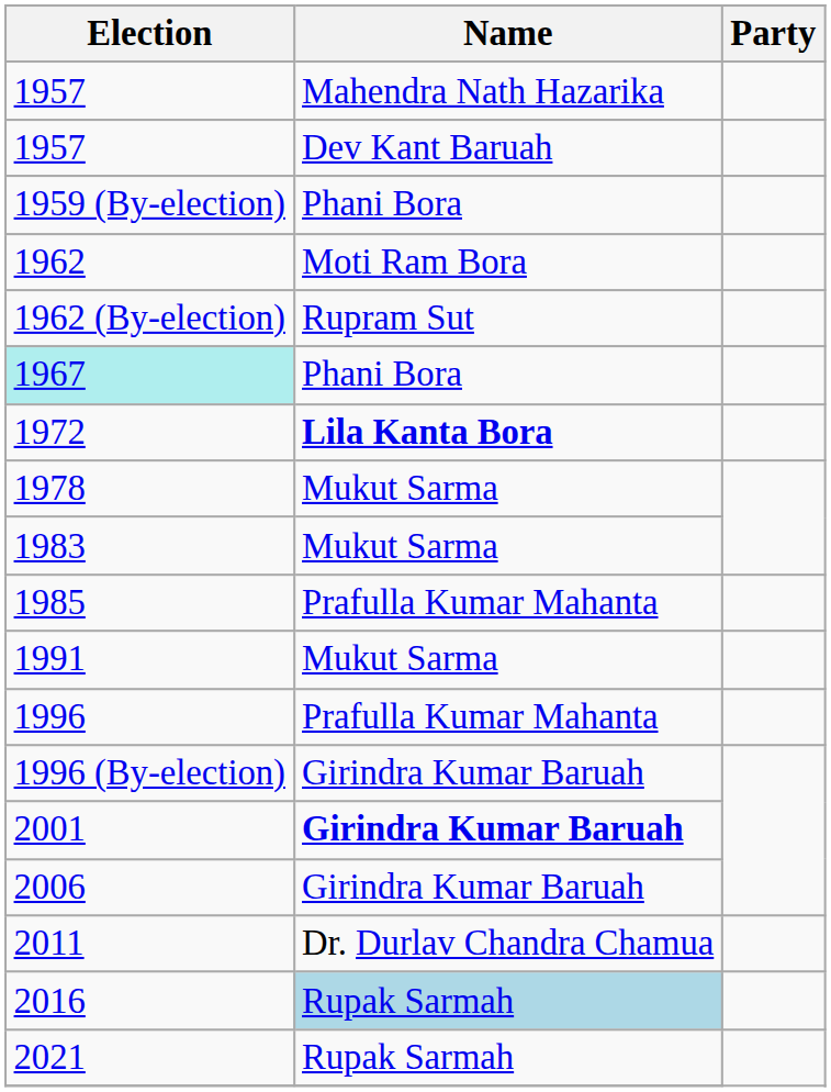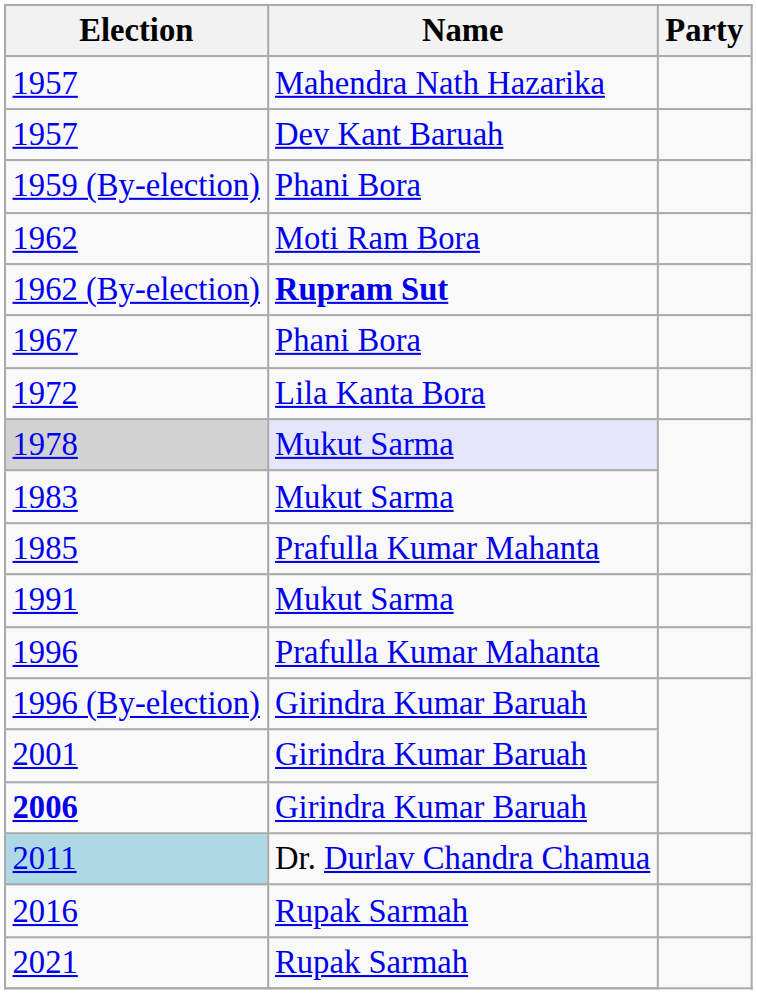 <table class="wikitable sortable">
 <tr>
 <th>Election</th>
 <th>Name</th>
 <th colspan=2>Party</th>
 </tr>
 <tr>
 <td><a href='#'>1957</a></td>
 <td><a href='#'>Mahendra Nath Hazarika</a></td>
 <td></td>
 </tr>
 <tr>
 <td><a href='#'>1957</a></td>
 <td><a href='#'>Dev Kant Baruah</a></td>
 </tr>
 <tr>
 <td><a href='#'>1959 (By-election)</a></td>
 <td><a href='#'>Phani Bora</a></td>
 <td></td>
 </tr>
 <tr>
 <td><a href='#'>1962</a></td>
 <td><a href='#'>Moti Ram Bora</a></td>
 <td></td>
 </tr>
 <tr>
 <td><a href='#'>1962 (By-election)</a></td>
-<td><a href='#'>Rupram Sut</a></td>
+<td><strong><a href='#'>Rupram Sut</a></strong></td>
 </tr>
 <tr>
-<td style="background: paleturquoise;"><a href='#'>1967</a></td>
+<td><a href='#'>1967</a></td>
 <td><a href='#'>Phani Bora</a></td>
 <td></td>
 </tr>
 <tr>
 <td><a href='#'>1972</a></td>
-<td><strong><a href='#'>Lila Kanta Bora</a></strong></td>
+<td><a href='#'>Lila Kanta Bora</a></td>
 <td></td>
 </tr>
 <tr>
-<td><a href='#'>1978</a></td>
-<td><a href='#'>Mukut Sarma</a></td>
+<td style="background: lightgrey;"><a href='#'>1978</a></td>
+<td style="background: lavender;"><a href='#'>Mukut Sarma</a></td>
 </tr>
 <tr>
 <td><a href='#'>1983</a></td>
 <td><a href='#'>Mukut Sarma</a></td>
 </tr>
 <tr>
 <td><a href='#'>1985</a></td>
 <td><a href='#'>Prafulla Kumar Mahanta</a></td>
 <td></td>
 </tr>
 <tr>
 <td><a href='#'>1991</a></td>
 <td><a href='#'>Mukut Sarma</a></td>
 <td></td>
 </tr>
 <tr>
 <td><a href='#'>1996</a></td>
 <td><a href='#'>Prafulla Kumar Mahanta</a></td>
 <td></td>
 </tr>
 <tr>
 <td><a href='#'>1996 (By-election)</a></td>
 <td><a href='#'>Girindra Kumar Baruah</a></td>
 </tr>
 <tr>
 <td><a href='#'>2001</a></td>
-<td><strong><a href='#'>Girindra Kumar Baruah</a></strong></td>
-</tr>
-<tr>
-<td><a href='#'>2006</a></td>
 <td><a href='#'>Girindra Kumar Baruah</a></td>
 </tr>
 <tr>
-<td><a href='#'>2011</a></td>
+<td><strong><a href='#'>2006</a></strong></td>
+<td><a href='#'>Girindra Kumar Baruah</a></td>
+</tr>
+<tr>
+<td style="background: lightblue;"><a href='#'>2011</a></td>
 <td>Dr. <a href='#'>Durlav Chandra Chamua</a></td>
 <td></td>
 </tr>
 <tr>
 <td><a href='#'>2016</a></td>
-<td style="background: lightblue;"><a href='#'>Rupak Sarmah</a></td>
+<td><a href='#'>Rupak Sarmah</a></td>
 <td></td>
 </tr>
 <tr>
 <td><a href='#'>2021</a></td>
 <td><a href='#'>Rupak Sarmah</a></td>
 </tr>
 <tr>
 </tr>
 </table>
